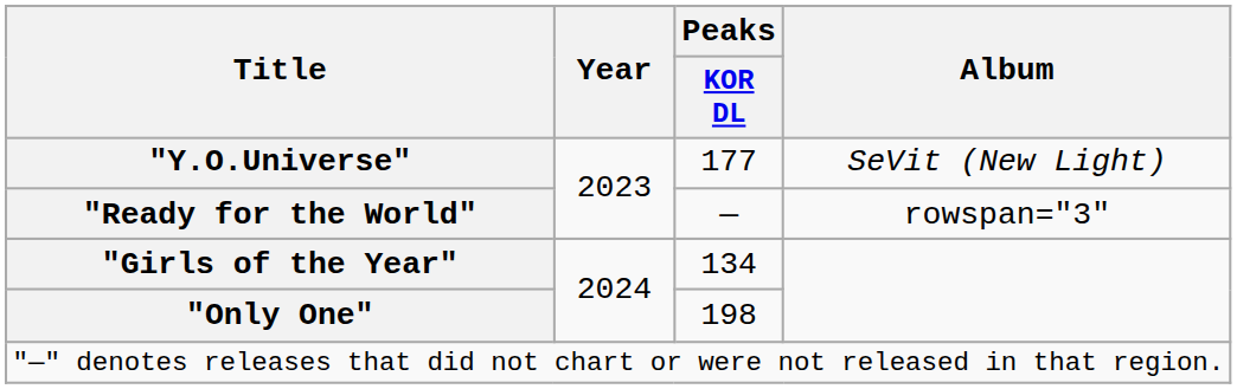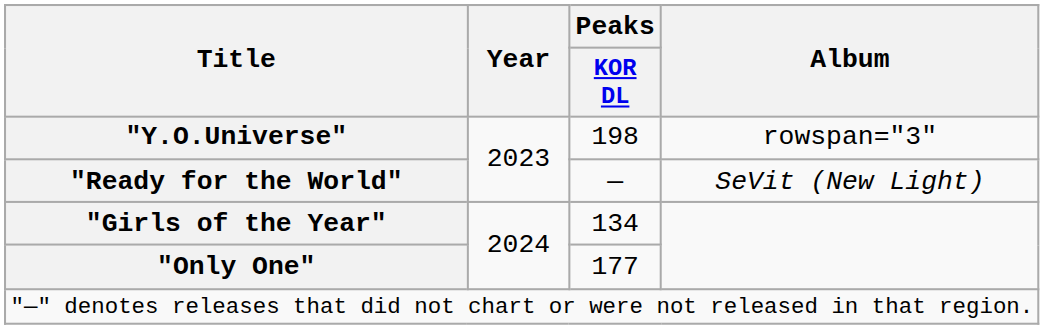 <table class="wikitable plainrowheaders" style="text-align:center">
 <tr>
 <th scope="col" rowspan="2">Title</th>
 <th scope="col" rowspan="2">Year</th>
 <th scope="col" colspan="1">Peaks</th>
 <th scope="col" rowspan="2">Album</th>
 </tr>
 <tr>
 <th scope="col" style="width:3em;font-size:90%"><a href='#'>KOR<br>DL</a><br></th>
 </tr>
 <tr>
 <th scope="row">"Y.O.Universe"</th>
 <td rowspan="2">2023</td>
-<td>177</td>
-<td><em>SeVit (New Light)</em></td>
+<td>198</td>
+<td>rowspan="3" </td>
 </tr>
 <tr>
 <th scope="row">"Ready for the World"</th>
 <td>—</td>
-<td>rowspan="3" </td>
+<td><em>SeVit (New Light)</em></td>
 </tr>
 <tr>
 <th scope="row">"Girls of the Year"</th>
 <td rowspan="2">2024</td>
 <td>134</td>
 </tr>
 <tr>
 <th scope="row">"Only One"</th>
-<td>198</td>
+<td>177</td>
 </tr>
 <tr>
 <td colspan="4" style="font-size:85%">"—" denotes releases that did not chart or were not released in that region.</td>
 </tr>
 </table>
